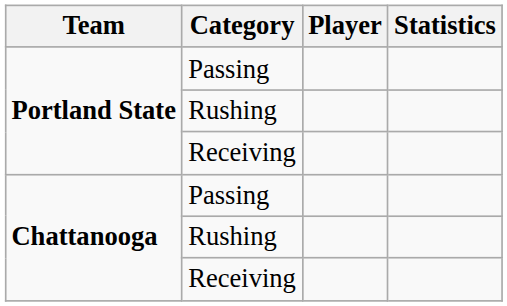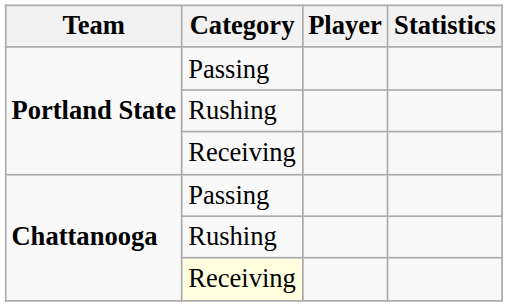 <table class="wikitable" style="float: right;">
 <tr>
 <th>Team</th>
 <th>Category</th>
 <th>Player</th>
 <th>Statistics</th>
 </tr>
 <tr>
 <td rowspan=3><strong>Portland State</strong></td>
 <td>Passing</td>
 <td></td>
 <td></td>
 </tr>
 <tr>
 <td>Rushing</td>
 <td></td>
 <td></td>
 </tr>
 <tr>
 <td>Receiving</td>
 <td></td>
 <td></td>
 </tr>
 <tr>
 <td rowspan=3><strong>Chattanooga</strong></td>
 <td>Passing</td>
 <td></td>
 <td></td>
 </tr>
 <tr>
 <td>Rushing</td>
 <td></td>
 <td></td>
 </tr>
 <tr>
-<td>Receiving</td>
+<td style="background: lightyellow;">Receiving</td>
 <td></td>
 <td></td>
 </tr>
 </table>
